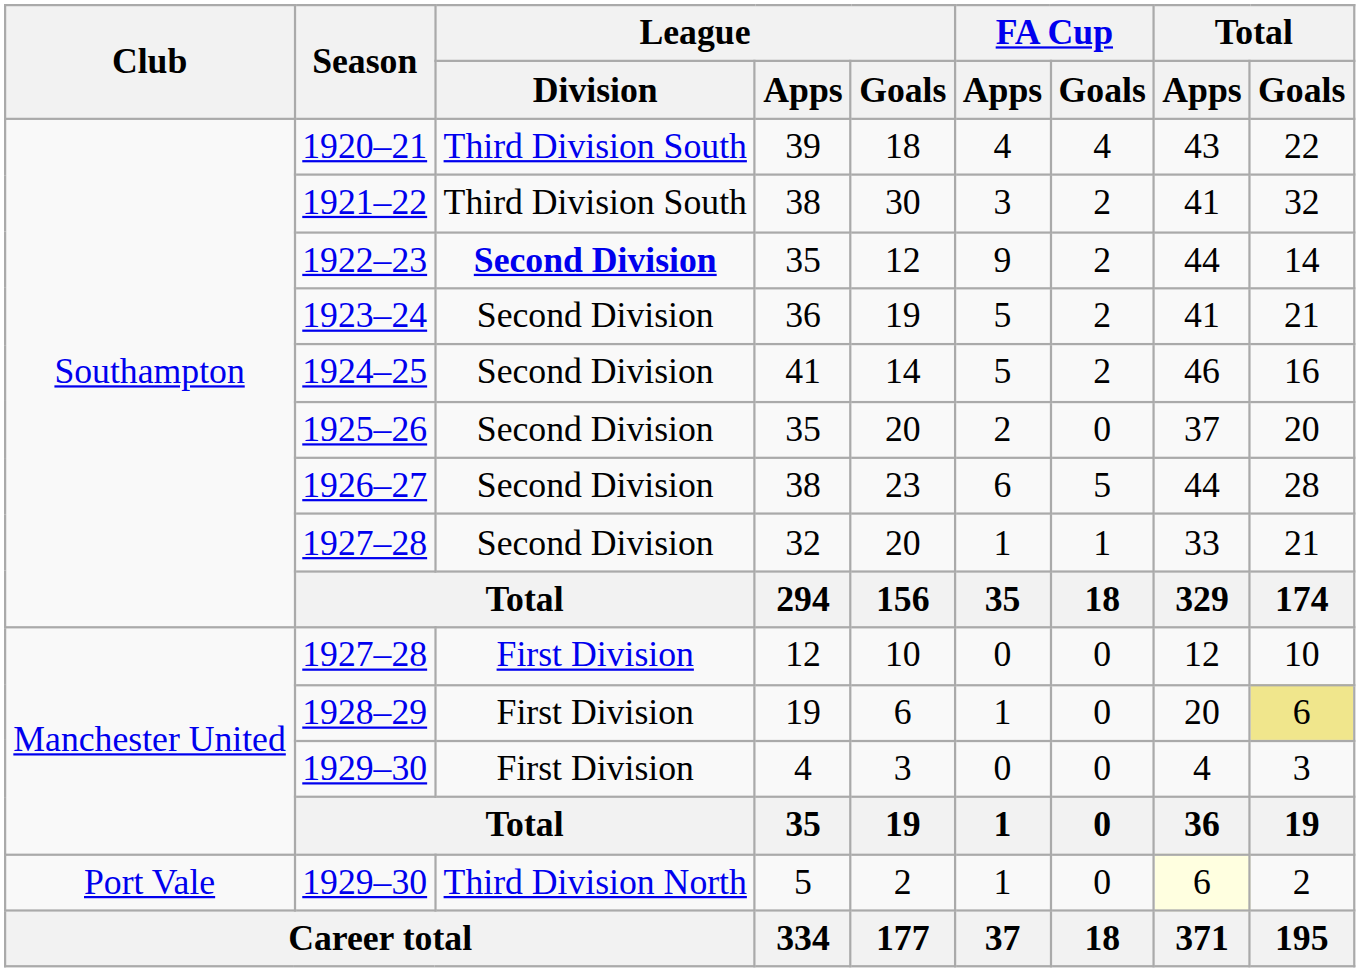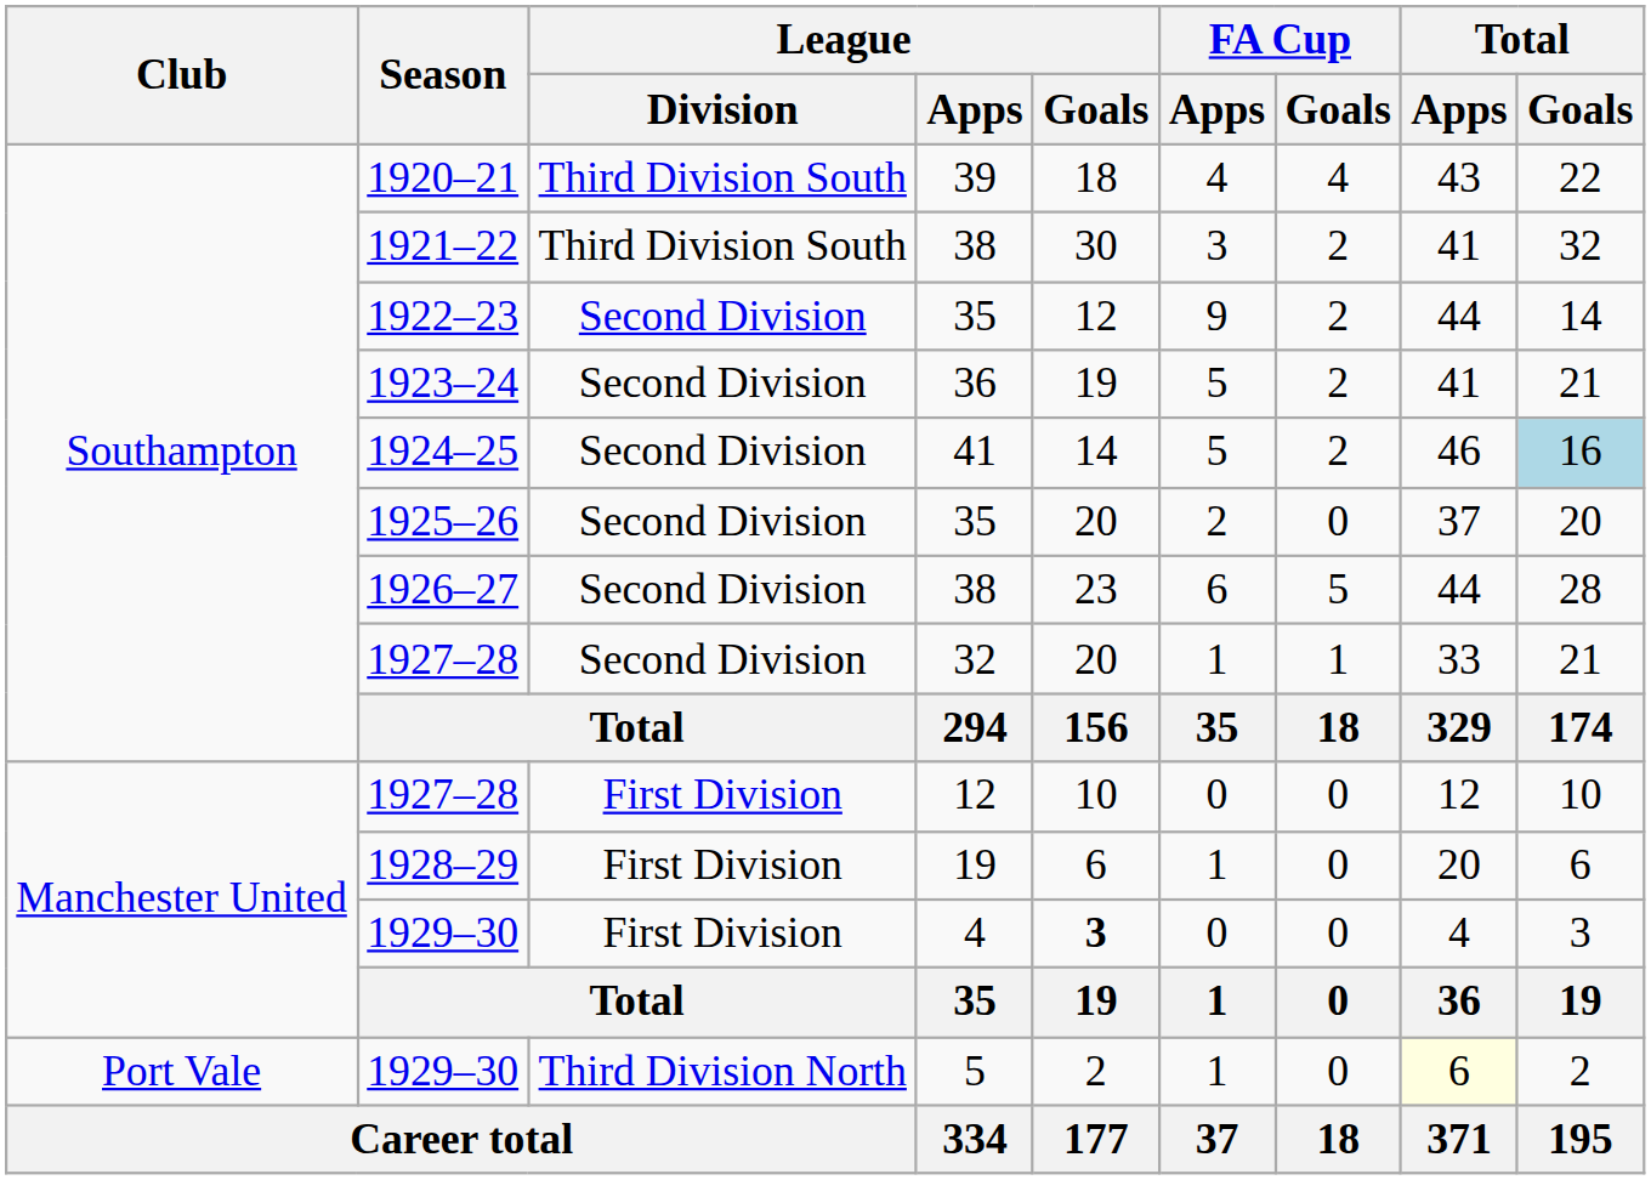 <table class="wikitable" style="text-align:center">
 <tr>
 <th rowspan="2">Club</th>
 <th rowspan="2">Season</th>
 <th colspan="3">League</th>
 <th colspan="2"><a href='#'>FA Cup</a></th>
 <th colspan="2">Total</th>
 </tr>
 <tr>
 <th>Division</th>
 <th>Apps</th>
 <th>Goals</th>
 <th>Apps</th>
 <th>Goals</th>
 <th>Apps</th>
 <th>Goals</th>
 </tr>
 <tr>
 <td rowspan="9"><a href='#'>Southampton</a></td>
 <td><a href='#'>1920–21</a></td>
 <td><a href='#'>Third Division South</a></td>
 <td>39</td>
 <td>18</td>
 <td>4</td>
 <td>4</td>
 <td>43</td>
 <td>22</td>
 </tr>
 <tr>
 <td><a href='#'>1921–22</a></td>
 <td>Third Division South</td>
 <td>38</td>
 <td>30</td>
 <td>3</td>
 <td>2</td>
 <td>41</td>
 <td>32</td>
 </tr>
 <tr>
 <td><a href='#'>1922–23</a></td>
-<td><strong><a href='#'>Second Division</a></strong></td>
+<td><a href='#'>Second Division</a></td>
 <td>35</td>
 <td>12</td>
 <td>9</td>
 <td>2</td>
 <td>44</td>
 <td>14</td>
 </tr>
 <tr>
 <td><a href='#'>1923–24</a></td>
 <td>Second Division</td>
 <td>36</td>
 <td>19</td>
 <td>5</td>
 <td>2</td>
 <td>41</td>
 <td>21</td>
 </tr>
 <tr>
 <td><a href='#'>1924–25</a></td>
 <td>Second Division</td>
 <td>41</td>
 <td>14</td>
 <td>5</td>
 <td>2</td>
 <td>46</td>
-<td>16</td>
+<td style="background: lightblue;">16</td>
 </tr>
 <tr>
 <td><a href='#'>1925–26</a></td>
 <td>Second Division</td>
 <td>35</td>
 <td>20</td>
 <td>2</td>
 <td>0</td>
 <td>37</td>
 <td>20</td>
 </tr>
 <tr>
 <td><a href='#'>1926–27</a></td>
 <td>Second Division</td>
 <td>38</td>
 <td>23</td>
 <td>6</td>
 <td>5</td>
 <td>44</td>
 <td>28</td>
 </tr>
 <tr>
 <td><a href='#'>1927–28</a></td>
 <td>Second Division</td>
 <td>32</td>
 <td>20</td>
 <td>1</td>
 <td>1</td>
 <td>33</td>
 <td>21</td>
 </tr>
 <tr>
 <th colspan="2">Total</th>
 <th>294</th>
 <th>156</th>
 <th>35</th>
 <th>18</th>
 <th>329</th>
 <th>174</th>
 </tr>
 <tr>
 <td rowspan="4"><a href='#'>Manchester United</a></td>
 <td><a href='#'>1927–28</a></td>
 <td><a href='#'>First Division</a></td>
 <td>12</td>
 <td>10</td>
 <td>0</td>
 <td>0</td>
 <td>12</td>
 <td>10</td>
 </tr>
 <tr>
 <td><a href='#'>1928–29</a></td>
 <td>First Division</td>
 <td>19</td>
 <td>6</td>
 <td>1</td>
 <td>0</td>
 <td>20</td>
-<td style="background: khaki;">6</td>
+<td>6</td>
 </tr>
 <tr>
 <td><a href='#'>1929–30</a></td>
 <td>First Division</td>
 <td>4</td>
-<td>3</td>
+<td><strong>3</strong></td>
 <td>0</td>
 <td>0</td>
 <td>4</td>
 <td>3</td>
 </tr>
 <tr>
 <th colspan="2">Total</th>
 <th>35</th>
 <th>19</th>
 <th>1</th>
 <th>0</th>
 <th>36</th>
 <th>19</th>
 </tr>
 <tr>
 <td><a href='#'>Port Vale</a></td>
 <td><a href='#'>1929–30</a></td>
 <td><a href='#'>Third Division North</a></td>
 <td>5</td>
 <td>2</td>
 <td>1</td>
 <td>0</td>
 <td style="background: lightyellow;">6</td>
 <td>2</td>
 </tr>
 <tr>
 <th colspan="3">Career total</th>
 <th>334</th>
 <th>177</th>
 <th>37</th>
 <th>18</th>
 <th>371</th>
 <th>195</th>
 </tr>
 </table>
